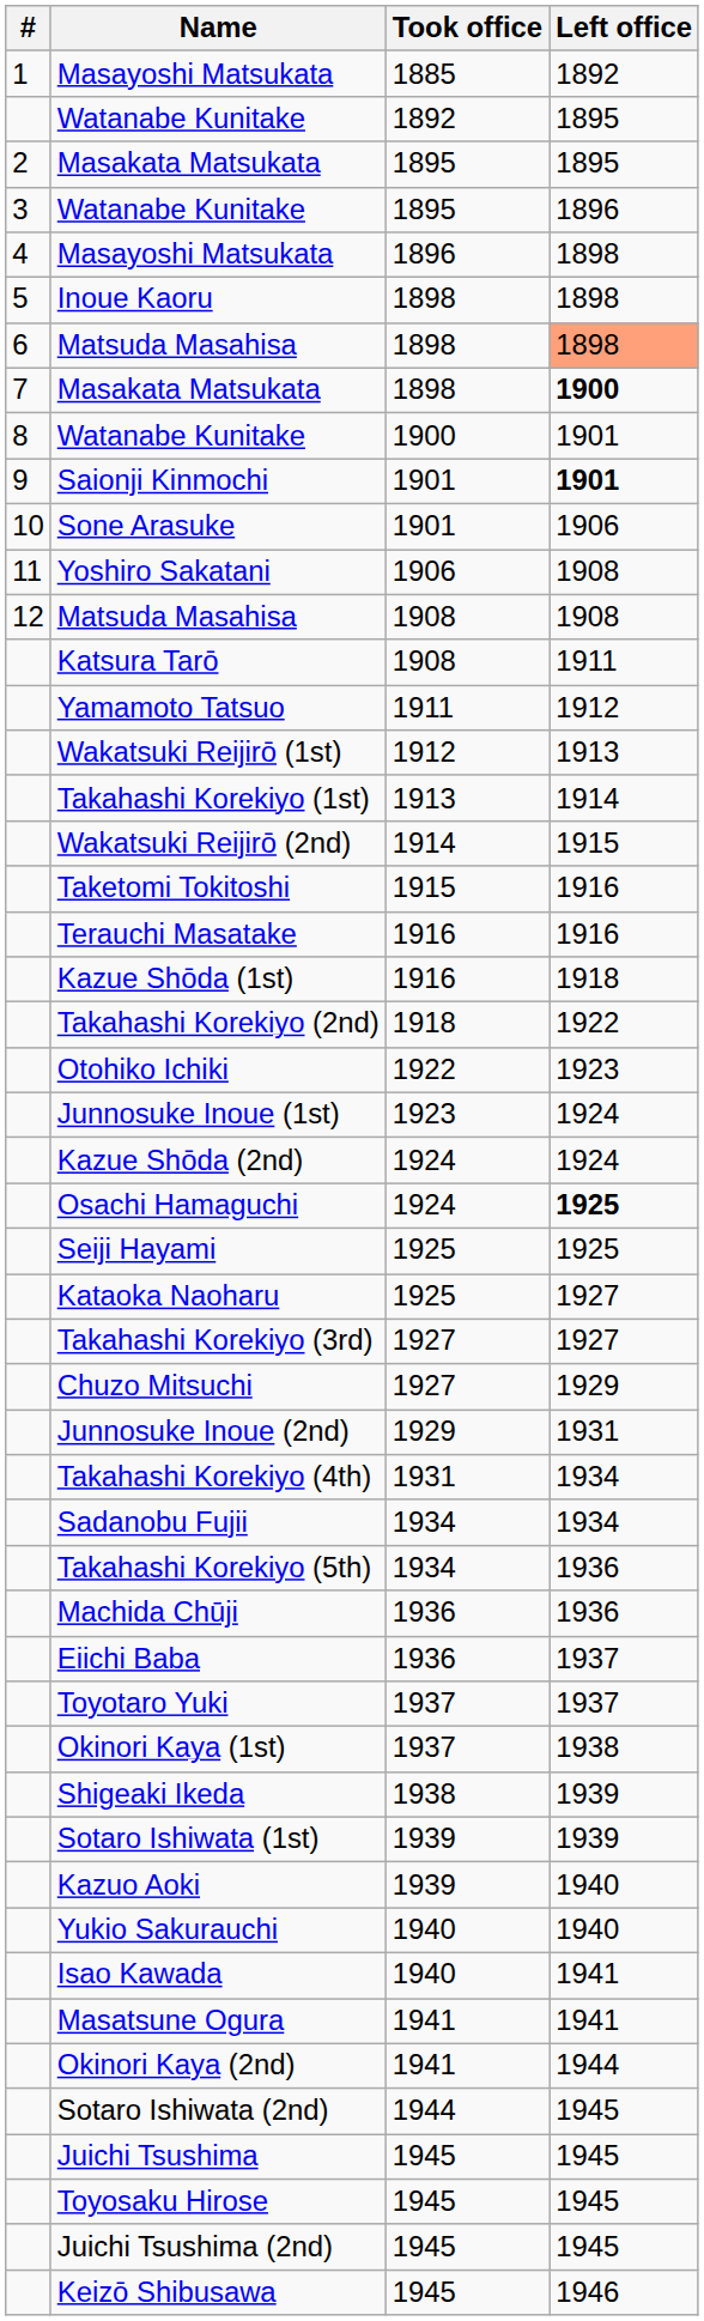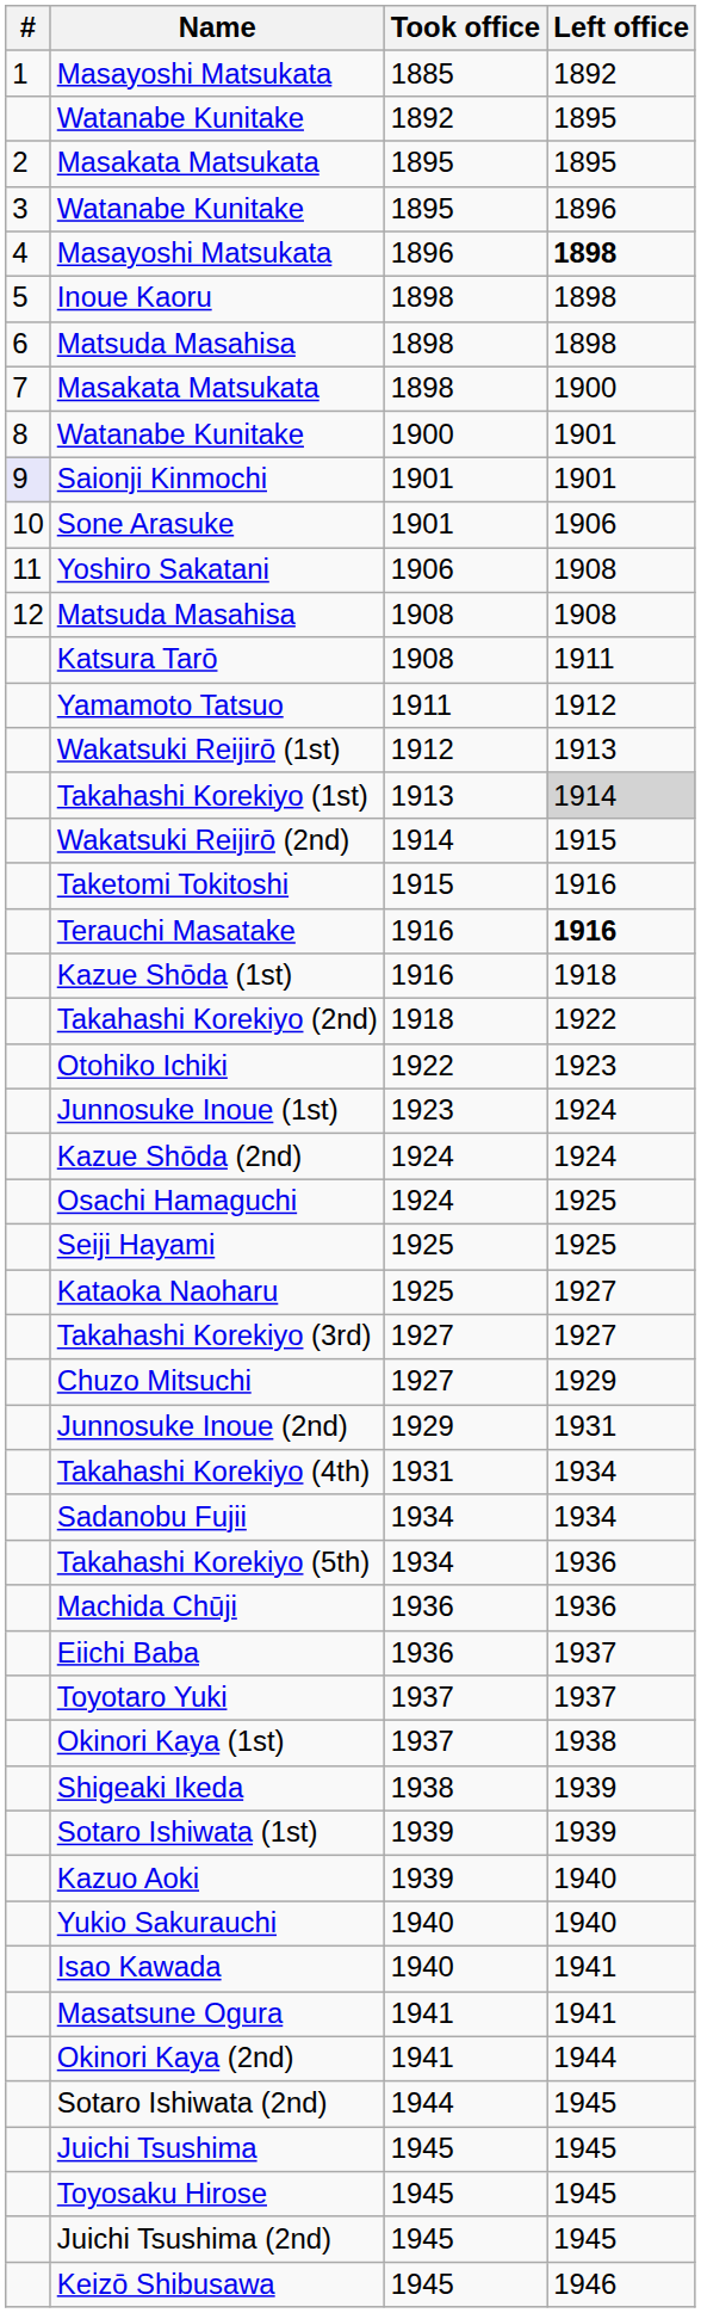 <table class="wikitable sortable">
 <tr>
 <th>#</th>
 <th>Name</th>
 <th>Took office</th>
 <th>Left office</th>
 </tr>
 <tr>
 <td>1</td>
 <td><a href='#'>Masayoshi Matsukata</a></td>
 <td>1885</td>
 <td>1892</td>
 </tr>
 <tr>
 <td></td>
 <td><a href='#'>Watanabe Kunitake</a></td>
 <td>1892</td>
 <td>1895</td>
 </tr>
 <tr>
 <td>2</td>
 <td><a href='#'>Masakata Matsukata</a></td>
 <td>1895</td>
 <td>1895</td>
 </tr>
 <tr>
 <td>3</td>
 <td><a href='#'>Watanabe Kunitake</a></td>
 <td>1895</td>
 <td>1896</td>
 </tr>
 <tr>
 <td>4</td>
 <td><a href='#'>Masayoshi Matsukata</a></td>
 <td>1896</td>
-<td>1898</td>
+<td><strong>1898</strong></td>
 </tr>
 <tr>
 <td>5</td>
 <td><a href='#'>Inoue Kaoru</a></td>
 <td>1898</td>
 <td>1898</td>
 </tr>
 <tr>
 <td>6</td>
 <td><a href='#'>Matsuda Masahisa</a></td>
 <td>1898</td>
-<td style="background: lightsalmon;">1898</td>
+<td>1898</td>
 </tr>
 <tr>
 <td>7</td>
 <td><a href='#'>Masakata Matsukata</a></td>
 <td>1898</td>
-<td><strong>1900</strong></td>
+<td>1900</td>
 </tr>
 <tr>
 <td>8</td>
 <td><a href='#'>Watanabe Kunitake</a></td>
 <td>1900</td>
 <td>1901</td>
 </tr>
 <tr>
-<td>9</td>
+<td style="background: lavender;">9</td>
 <td><a href='#'>Saionji Kinmochi</a></td>
 <td>1901</td>
-<td><strong>1901</strong></td>
+<td>1901</td>
 </tr>
 <tr>
 <td>10</td>
 <td><a href='#'>Sone Arasuke</a></td>
 <td>1901</td>
 <td>1906</td>
 </tr>
 <tr>
 <td>11</td>
 <td><a href='#'>Yoshiro Sakatani</a></td>
 <td>1906</td>
 <td>1908</td>
 </tr>
 <tr>
 <td>12</td>
 <td><a href='#'>Matsuda Masahisa</a></td>
 <td>1908</td>
 <td>1908</td>
 </tr>
 <tr>
 <td></td>
 <td><a href='#'>Katsura Tarō</a></td>
 <td>1908</td>
 <td>1911</td>
 </tr>
 <tr>
 <td></td>
 <td><a href='#'>Yamamoto Tatsuo</a></td>
 <td>1911</td>
 <td>1912</td>
 </tr>
 <tr>
 <td></td>
 <td><a href='#'>Wakatsuki Reijirō</a>  (1st)</td>
 <td>1912</td>
 <td>1913</td>
 </tr>
 <tr>
 <td></td>
 <td><a href='#'>Takahashi Korekiyo</a>  (1st)</td>
 <td>1913</td>
-<td>1914</td>
+<td style="background: lightgrey;">1914</td>
 </tr>
 <tr>
 <td></td>
 <td><a href='#'>Wakatsuki Reijirō</a>  (2nd)</td>
 <td>1914</td>
 <td>1915</td>
 </tr>
 <tr>
 <td></td>
 <td><a href='#'>Taketomi Tokitoshi</a></td>
 <td>1915</td>
 <td>1916</td>
 </tr>
 <tr>
 <td></td>
 <td><a href='#'>Terauchi Masatake</a></td>
 <td>1916</td>
-<td>1916</td>
+<td><strong>1916</strong></td>
 </tr>
 <tr>
 <td></td>
 <td><a href='#'>Kazue Shōda</a>  (1st)</td>
 <td>1916</td>
 <td>1918</td>
 </tr>
 <tr>
 <td></td>
 <td><a href='#'>Takahashi Korekiyo</a>  (2nd)</td>
 <td>1918</td>
 <td>1922</td>
 </tr>
 <tr>
 <td></td>
 <td><a href='#'>Otohiko Ichiki</a></td>
 <td>1922</td>
 <td>1923</td>
 </tr>
 <tr>
 <td></td>
 <td><a href='#'>Junnosuke Inoue</a>  (1st)</td>
 <td>1923</td>
 <td>1924</td>
 </tr>
 <tr>
 <td></td>
 <td><a href='#'>Kazue Shōda</a>  (2nd)</td>
 <td>1924</td>
 <td>1924</td>
 </tr>
 <tr>
 <td></td>
 <td><a href='#'>Osachi Hamaguchi</a></td>
 <td>1924</td>
-<td><strong>1925</strong></td>
+<td>1925</td>
 </tr>
 <tr>
 <td></td>
 <td><a href='#'>Seiji Hayami</a></td>
 <td>1925</td>
 <td>1925</td>
 </tr>
 <tr>
 <td></td>
 <td><a href='#'>Kataoka Naoharu</a></td>
 <td>1925</td>
 <td>1927</td>
 </tr>
 <tr>
 <td></td>
 <td><a href='#'>Takahashi Korekiyo</a>  (3rd)</td>
 <td>1927</td>
 <td>1927</td>
 </tr>
 <tr>
 <td></td>
 <td><a href='#'>Chuzo Mitsuchi</a></td>
 <td>1927</td>
 <td>1929</td>
 </tr>
 <tr>
 <td></td>
 <td><a href='#'>Junnosuke Inoue</a>  (2nd)</td>
 <td>1929</td>
 <td>1931</td>
 </tr>
 <tr>
 <td></td>
 <td><a href='#'>Takahashi Korekiyo</a>  (4th)</td>
 <td>1931</td>
 <td>1934</td>
 </tr>
 <tr>
 <td></td>
 <td><a href='#'>Sadanobu Fujii</a></td>
 <td>1934</td>
 <td>1934</td>
 </tr>
 <tr>
 <td></td>
 <td><a href='#'>Takahashi Korekiyo</a>  (5th)</td>
 <td>1934</td>
 <td>1936</td>
 </tr>
 <tr>
 <td></td>
 <td><a href='#'>Machida Chūji</a></td>
 <td>1936</td>
 <td>1936</td>
 </tr>
 <tr>
 <td></td>
 <td><a href='#'>Eiichi Baba</a></td>
 <td>1936</td>
 <td>1937</td>
 </tr>
 <tr>
 <td></td>
 <td><a href='#'>Toyotaro Yuki</a></td>
 <td>1937</td>
 <td>1937</td>
 </tr>
 <tr>
 <td></td>
 <td><a href='#'>Okinori Kaya</a>  (1st)</td>
 <td>1937</td>
 <td>1938</td>
 </tr>
 <tr>
 <td></td>
 <td><a href='#'>Shigeaki Ikeda</a></td>
 <td>1938</td>
 <td>1939</td>
 </tr>
 <tr>
 <td></td>
 <td><a href='#'>Sotaro Ishiwata</a>  (1st)</td>
 <td>1939</td>
 <td>1939</td>
 </tr>
 <tr>
 <td></td>
 <td><a href='#'>Kazuo Aoki</a></td>
 <td>1939</td>
 <td>1940</td>
 </tr>
 <tr>
 <td></td>
 <td><a href='#'>Yukio Sakurauchi</a></td>
 <td>1940</td>
 <td>1940</td>
 </tr>
 <tr>
 <td></td>
 <td><a href='#'>Isao Kawada</a></td>
 <td>1940</td>
 <td>1941</td>
 </tr>
 <tr>
 <td></td>
 <td><a href='#'>Masatsune Ogura</a></td>
 <td>1941</td>
 <td>1941</td>
 </tr>
 <tr>
 <td></td>
 <td><a href='#'>Okinori Kaya</a>  (2nd)</td>
 <td>1941</td>
 <td>1944</td>
 </tr>
 <tr>
 <td></td>
 <td>Sotaro Ishiwata  (2nd)</td>
 <td>1944</td>
 <td>1945</td>
 </tr>
 <tr>
 <td></td>
 <td><a href='#'>Juichi Tsushima</a></td>
 <td>1945</td>
 <td>1945</td>
 </tr>
 <tr>
 <td></td>
 <td><a href='#'>Toyosaku Hirose</a></td>
 <td>1945</td>
 <td>1945</td>
 </tr>
 <tr>
 <td></td>
 <td>Juichi Tsushima  (2nd)</td>
 <td>1945</td>
 <td>1945</td>
 </tr>
 <tr>
 <td></td>
 <td><a href='#'>Keizō Shibusawa</a></td>
 <td>1945</td>
 <td>1946</td>
 </tr>
 </table>
